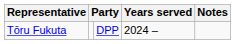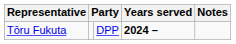 <table class="wikitable">
 <tr>
 <th>Representative</th>
 <th colspan="2">Party</th>
 <th>Years served</th>
 <th>Notes</th>
 </tr>
 <tr>
 <td><a href='#'>Tōru Fukuta</a></td>
 <td bgcolor=></td>
 <td><a href='#'>DPP</a></td>
-<td>2024 –</td>
+<td><strong>2024 –</strong></td>
 <td></td>
 </tr>
 </table>
